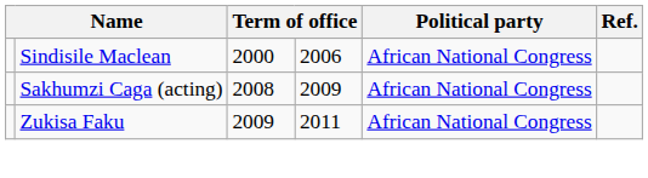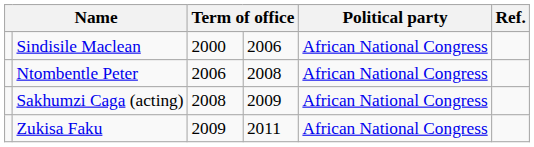 <table class="wikitable">
 <tr>
 <th colspan="2">Name</th>
 <th colspan="2">Term of office</th>
 <th>Political party</th>
 <th>Ref.</th>
 </tr>
 <tr>
 <td style="background-color: "></td>
 <td><a href='#'>Sindisile Maclean</a></td>
 <td>2000</td>
 <td>2006</td>
+<td><a href='#'>African National Congress</a></td>
+<td></td>
+</tr>
+<tr>
+<td style="background-color: "></td>
+<td><a href='#'>Ntombentle Peter</a></td>
+<td>2006</td>
+<td>2008</td>
 <td><a href='#'>African National Congress</a></td>
 <td></td>
 </tr>
 <tr>
 <td style="background-color: "></td>
 <td><a href='#'>Sakhumzi Caga</a> (acting)</td>
 <td>2008</td>
 <td>2009</td>
 <td><a href='#'>African National Congress</a></td>
 <td></td>
 </tr>
 <tr>
 <td style="background-color: "></td>
 <td><a href='#'>Zukisa Faku</a></td>
 <td>2009</td>
 <td>2011</td>
 <td><a href='#'>African National Congress</a></td>
 <td></td>
 </tr>
 </table>
